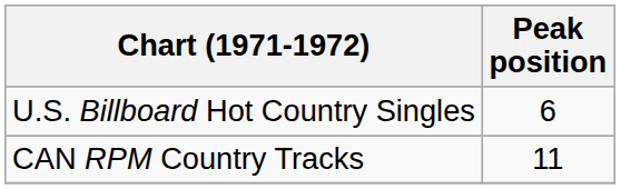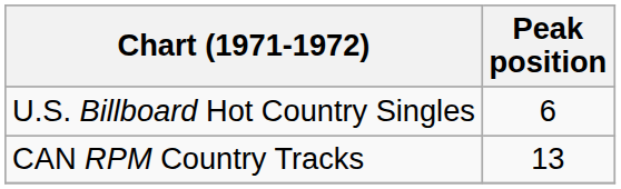 <table class="wikitable sortable">
 <tr>
 <th align="left">Chart (1971-1972)</th>
 <th align="center">Peak<br>position</th>
 </tr>
 <tr>
 <td align="left">U.S. <em>Billboard</em> Hot Country Singles</td>
 <td align="center">6</td>
 </tr>
 <tr>
 <td align="left">CAN <em>RPM</em> Country Tracks</td>
-<td align="center">11</td>
+<td align="center">13</td>
 </tr>
 <tr>
 </tr>
 </table>
